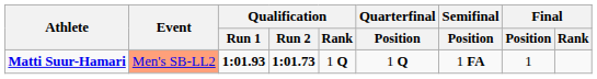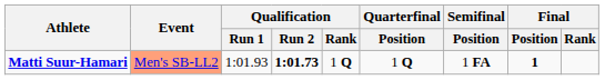 <table class="wikitable" style="font-size:90%">
 <tr>
 <th rowspan="2">Athlete</th>
 <th rowspan="2">Event</th>
 <th colspan="3">Qualification</th>
 <th>Quarterfinal</th>
 <th>Semifinal</th>
 <th colspan="2">Final</th>
 </tr>
 <tr style=font-size:95%>
 <th>Run 1</th>
 <th>Run 2</th>
 <th>Rank</th>
 <th>Position</th>
 <th>Position</th>
 <th>Position</th>
 <th>Rank</th>
 </tr>
 <tr align=center>
 <td align=left><strong><a href='#'>Matti Suur-Hamari</a></strong></td>
 <td align=left style="background: lightsalmon;"><a href='#'>Men's SB-LL2</a></td>
-<td><strong>1:01.93</strong></td>
+<td>1:01.93</td>
 <td><strong>1:01.73</strong></td>
 <td>1 <strong>Q</strong></td>
 <td>1 <strong>Q</strong></td>
 <td>1 <strong>FA</strong></td>
-<td>1</td>
+<td><strong>1</strong></td>
 <td></td>
 </tr>
 </table>
